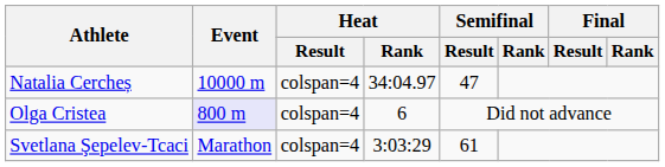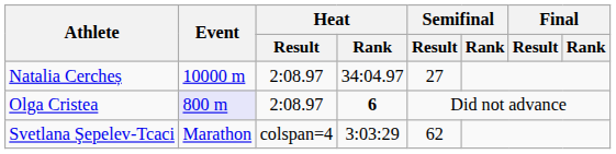 <table class=wikitable style="font-size:90%">
 <tr>
 <th rowspan="2">Athlete</th>
 <th rowspan="2">Event</th>
 <th colspan="2">Heat</th>
 <th colspan="2">Semifinal</th>
 <th colspan="2">Final</th>
 </tr>
 <tr style="font-size:95%">
 <th>Result</th>
 <th>Rank</th>
 <th>Result</th>
 <th>Rank</th>
 <th>Result</th>
 <th>Rank</th>
 </tr>
 <tr align=center>
 <td align=left><a href='#'>Natalia Cercheș</a></td>
 <td align=left><a href='#'>10000 m</a></td>
-<td>colspan=4 </td>
+<td>2:08.97</td>
 <td>34:04.97</td>
-<td>47</td>
+<td>27</td>
 </tr>
 <tr align=center>
 <td align=left><a href='#'>Olga Cristea</a></td>
 <td align=left style="background: lavender;"><a href='#'>800 m</a></td>
-<td>colspan=4 </td>
-<td>6</td>
+<td>2:08.97</td>
+<td><strong>6</strong></td>
 <td colspan=4>Did not advance</td>
 </tr>
 <tr align=center>
 <td align=left><a href='#'>Svetlana Şepelev-Tcaci</a></td>
 <td align=left><a href='#'>Marathon</a></td>
 <td>colspan=4 </td>
 <td>3:03:29</td>
-<td>61</td>
+<td>62</td>
 </tr>
 </table>
